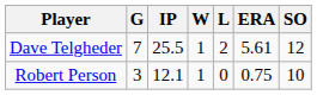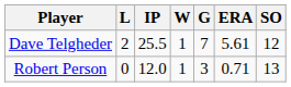 <table class="wikitable sortable">
 <tr>
 <th>Player</th>
-<th>G</th>
+<th>L</th>
 <th>IP</th>
 <th>W</th>
-<th>L</th>
+<th>G</th>
 <th>ERA</th>
 <th>SO</th>
 </tr>
 <tr align=center>
 <td><a href='#'>Dave Telgheder</a></td>
-<td>7</td>
+<td>2</td>
 <td>25.5</td>
 <td>1</td>
-<td>2</td>
+<td>7</td>
 <td>5.61</td>
 <td>12</td>
 </tr>
 <tr align=center>
 <td><a href='#'>Robert Person</a></td>
+<td>0</td>
+<td>12.0</td>
+<td>1</td>
 <td>3</td>
-<td>12.1</td>
-<td>1</td>
-<td>0</td>
-<td>0.75</td>
-<td>10</td>
+<td>0.71</td>
+<td>13</td>
 </tr>
 </table>
